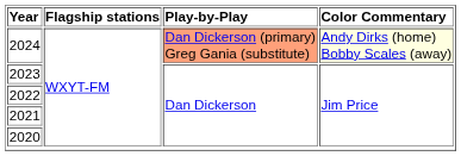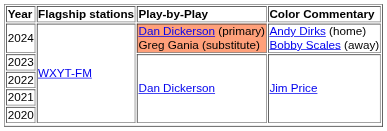 <table border="1" cellpadding="1">
 <tr>
 <td><strong>Year</strong></td>
 <td><strong>Flagship stations</strong></td>
 <td><strong>Play-by-Play</strong></td>
 <td><strong>Color Commentary</strong></td>
 </tr>
 <tr>
 <td>2024</td>
 <td rowspan=5><a href='#'>WXYT-FM</a></td>
 <td rowspan=1 style="background: lightsalmon;"><a href='#'>Dan Dickerson</a> (primary) <br>Greg Gania (substitute)</td>
-<td rowspan=1 style="background: lightyellow;"><a href='#'>Andy Dirks</a> (home) <br><a href='#'>Bobby Scales</a> (away)</td>
+<td rowspan=1><a href='#'>Andy Dirks</a> (home) <br><a href='#'>Bobby Scales</a> (away)</td>
 </tr>
 <tr>
 <td>2023</td>
 <td rowspan=4><a href='#'>Dan Dickerson</a></td>
 <td rowspan=4><a href='#'>Jim Price</a></td>
 </tr>
 <tr>
 <td>2022</td>
 </tr>
 <tr>
 <td>2021</td>
 </tr>
 <tr>
 <td>2020</td>
 </tr>
 <tr>
 </tr>
 </table>
